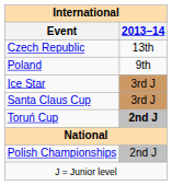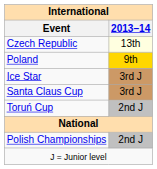 <table class="wikitable" style="text-align:center">
 <tr>
 <th style="background-color: #ffdead; " colspan=6 align=center>International</th>
 </tr>
 <tr>
 <th>Event</th>
 <th><a href='#'>2013–14</a></th>
 </tr>
 <tr>
 <td align=left> <a href='#'>Czech Republic</a></td>
-<td>13th</td>
+<td style="background: lightyellow;">13th</td>
 </tr>
 <tr>
 <td align=left> <a href='#'>Poland</a></td>
-<td>9th</td>
+<td style="background: gold;">9th</td>
 </tr>
 <tr>
 <td align=left><a href='#'>Ice Star</a></td>
 <td bgcolor=cc9966>3rd J</td>
 </tr>
 <tr>
 <td align=left><a href='#'>Santa Claus Cup</a></td>
 <td bgcolor=cc9966>3rd J</td>
 </tr>
 <tr>
 <td align=left><a href='#'>Toruń Cup</a></td>
-<td bgcolor=silver><strong>2nd J</strong></td>
+<td bgcolor=silver>2nd J</td>
 </tr>
 <tr>
 <th style="background-color: #ffdead; " colspan=2 align=center>National</th>
 </tr>
 <tr>
 <td align=left><a href='#'>Polish Championships</a></td>
 <td bgcolor=silver>2nd J</td>
 </tr>
 <tr>
 <td colspan=2 align=center><small> J = Junior level </small></td>
 </tr>
 </table>
